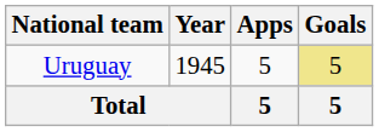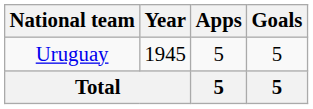 <table class="wikitable" style="text-align:center">
 <tr>
 <th>National team</th>
 <th>Year</th>
 <th>Apps</th>
 <th>Goals</th>
 </tr>
 <tr>
 <td rowspan="1"><a href='#'>Uruguay</a></td>
 <td>1945</td>
 <td>5</td>
-<td style="background: khaki;">5</td>
+<td>5</td>
 </tr>
 <tr>
 <th colspan="2">Total</th>
 <th>5</th>
 <th>5</th>
 </tr>
 </table>
